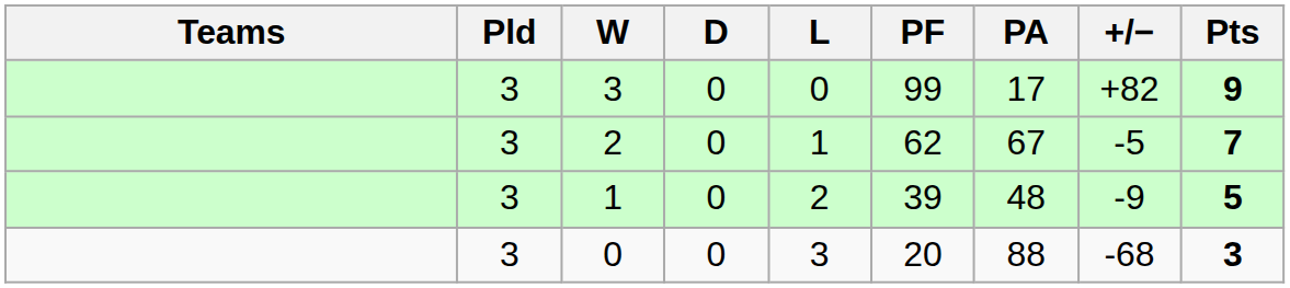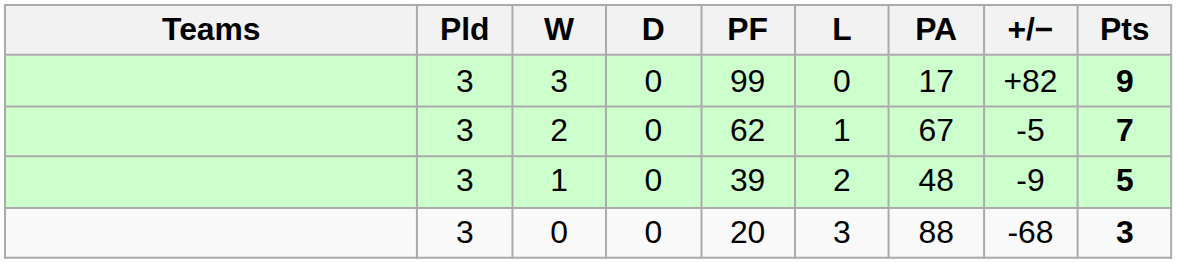 <table class="wikitable" style="text-align: center;">
 <tr>
 <th width="200">Teams</th>
 <th width="40">Pld</th>
 <th width="40">W</th>
 <th width="40">D</th>
+<th width="40">PF</th>
 <th width="40">L</th>
-<th width="40">PF</th>
 <th width="40">PA</th>
 <th width="40">+/−</th>
 <th width="40">Pts</th>
 </tr>
 <tr bgcolor=#ccffcc>
 <td align=left></td>
 <td>3</td>
 <td>3</td>
 <td>0</td>
+<td>99</td>
 <td>0</td>
-<td>99</td>
 <td>17</td>
 <td>+82</td>
 <td><strong>9</strong></td>
 </tr>
 <tr bgcolor=#ccffcc>
 <td align=left></td>
 <td>3</td>
 <td>2</td>
 <td>0</td>
+<td>62</td>
 <td>1</td>
-<td>62</td>
 <td>67</td>
 <td>-5</td>
 <td><strong>7</strong></td>
 </tr>
 <tr bgcolor=#ccffcc>
 <td align=left></td>
 <td>3</td>
 <td>1</td>
 <td>0</td>
+<td>39</td>
 <td>2</td>
-<td>39</td>
 <td>48</td>
 <td>-9</td>
 <td><strong>5</strong></td>
 </tr>
 <tr>
 <td align=left></td>
 <td>3</td>
 <td>0</td>
 <td>0</td>
+<td>20</td>
 <td>3</td>
-<td>20</td>
 <td>88</td>
 <td>-68</td>
 <td><strong>3</strong></td>
 </tr>
 </table>
